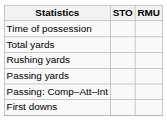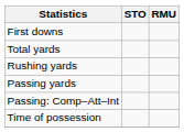 <table class="wikitable" style="float: left;">
 <tr>
 <th>Statistics</th>
 <th>STO</th>
 <th>RMU</th>
 </tr>
 <tr>
-<td>Time of possession</td>
+<td>First downs</td>
 <td></td>
 <td></td>
 </tr>
 <tr>
 <td>Total yards</td>
 <td></td>
 <td></td>
 </tr>
 <tr>
 <td>Rushing yards</td>
 <td></td>
 <td></td>
 </tr>
 <tr>
 <td>Passing yards</td>
 <td></td>
 <td></td>
 </tr>
 <tr>
 <td>Passing: Comp–Att–Int</td>
 <td></td>
 <td></td>
 </tr>
 <tr>
-<td>First downs</td>
+<td>Time of possession</td>
 <td></td>
 <td></td>
 </tr>
 <tr>
 </tr>
 </table>
